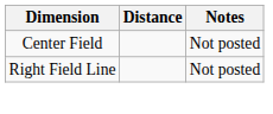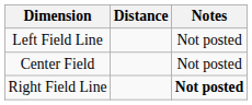 <table class="wikitable" style="text-align:center">
 <tr>
 <th>Dimension</th>
 <th>Distance</th>
 <th>Notes</th>
+</tr>
+<tr>
+<td>Left Field Line</td>
+<td></td>
+<td>Not posted</td>
 </tr>
 <tr>
 <td>Center Field</td>
 <td></td>
 <td>Not posted</td>
 </tr>
 <tr>
 <td>Right Field Line</td>
 <td></td>
-<td>Not posted</td>
+<td><strong>Not posted</strong></td>
 </tr>
 </table>
